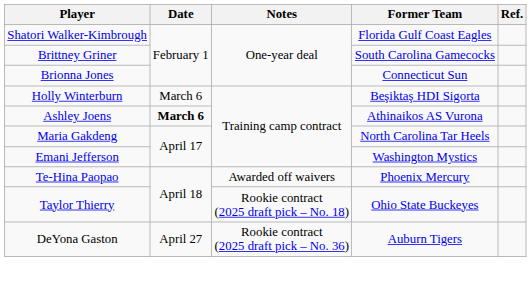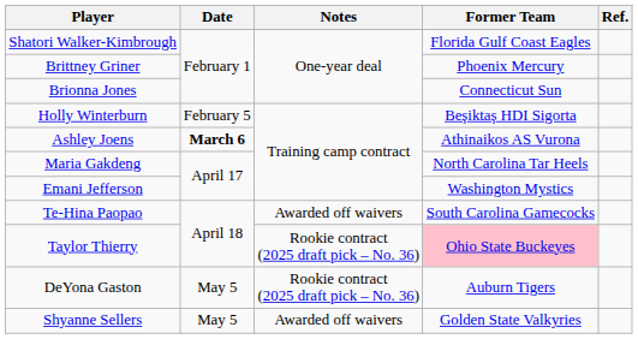 <table class="wikitable sortable sortable" style="text-align: center">
 <tr>
 <th>Player</th>
 <th>Date</th>
 <th>Notes</th>
 <th>Former Team</th>
 <th>Ref.</th>
 </tr>
 <tr>
 <td><a href='#'>Shatori Walker-Kimbrough</a></td>
 <td rowspan=3>February 1</td>
 <td rowspan=3>One-year deal</td>
 <td><a href='#'>Florida Gulf Coast Eagles</a></td>
 <td></td>
 </tr>
 <tr>
 <td><a href='#'>Brittney Griner</a></td>
-<td><a href='#'>South Carolina Gamecocks</a></td>
+<td><a href='#'>Phoenix Mercury</a></td>
 <td></td>
 </tr>
 <tr>
 <td><a href='#'>Brionna Jones</a></td>
 <td><a href='#'>Connecticut Sun</a></td>
 <td></td>
 </tr>
 <tr>
 <td><a href='#'>Holly Winterburn</a></td>
-<td>March 6</td>
+<td>February 5</td>
 <td rowspan=4>Training camp contract</td>
 <td><a href='#'>Beşiktaş HDI Sigorta</a><br></td>
 <td></td>
 </tr>
 <tr>
 <td><a href='#'>Ashley Joens</a></td>
 <td><strong>March 6</strong></td>
 <td><a href='#'>Athinaikos AS Vurona</a><br></td>
 <td></td>
 </tr>
 <tr>
 <td><a href='#'>Maria Gakdeng</a></td>
 <td rowspan=2>April 17</td>
 <td><a href='#'>North Carolina Tar Heels</a></td>
 <td></td>
 </tr>
 <tr>
 <td><a href='#'>Emani Jefferson</a></td>
 <td><a href='#'>Washington Mystics</a></td>
 <td></td>
 </tr>
 <tr>
 <td><a href='#'>Te-Hina Paopao</a></td>
 <td rowspan=2>April 18</td>
 <td>Awarded off waivers</td>
-<td><a href='#'>Phoenix Mercury</a></td>
+<td><a href='#'>South Carolina Gamecocks</a></td>
 <td></td>
 </tr>
 <tr>
 <td><a href='#'>Taylor Thierry</a></td>
-<td>Rookie contract<br>(<a href='#'>2025 draft pick – No. 18</a>)</td>
-<td><a href='#'>Ohio State Buckeyes</a></td>
+<td>Rookie contract<br>(<a href='#'>2025 draft pick – No. 36</a>)</td>
+<td style="background: pink;"><a href='#'>Ohio State Buckeyes</a></td>
 <td></td>
 </tr>
 <tr>
 <td>DeYona Gaston</td>
-<td>April 27</td>
+<td>May 5</td>
 <td>Rookie contract<br>(<a href='#'>2025 draft pick – No. 36</a>)</td>
 <td><a href='#'>Auburn Tigers</a></td>
 <td></td>
 </tr>
+<tr>
+<td><a href='#'>Shyanne Sellers</a></td>
+<td>May 5</td>
+<td>Awarded off waivers</td>
+<td><a href='#'>Golden State Valkyries</a></td>
+<td></td>
+</tr>
 </table>
